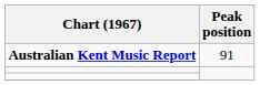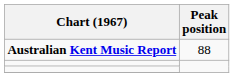 <table class="wikitable plainrowheaders sortable">
 <tr>
 <th scope="col">Chart (1967)</th>
 <th scope="col">Peak<br>position</th>
 </tr>
 <tr>
 <td><strong>Australian <a href='#'>Kent Music Report</a></strong></td>
-<td align="center">91</td>
+<td align="center">88</td>
 </tr>
 <tr>
 <td></td>
 </tr>
 <tr>
 <td></td>
 </tr>
 <tr>
 </tr>
 </table>
